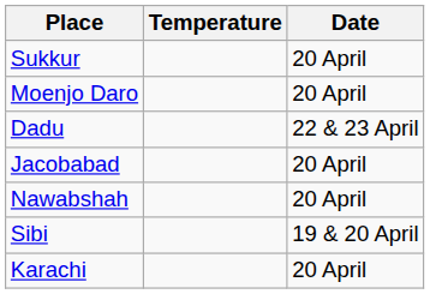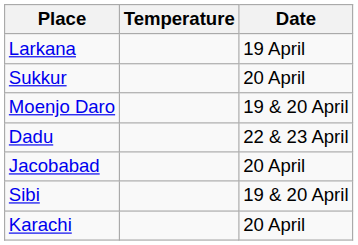 <table class="wikitable sortable">
 <tr>
 <th>Place</th>
 <th>Temperature</th>
 <th>Date</th>
+</tr>
+<tr>
+<td><a href='#'>Larkana</a></td>
+<td></td>
+<td>19 April</td>
 </tr>
 <tr>
 <td><a href='#'>Sukkur</a></td>
 <td></td>
 <td>20 April</td>
 </tr>
 <tr>
 <td><a href='#'>Moenjo Daro</a></td>
 <td></td>
-<td>20 April</td>
+<td>19 & 20 April</td>
 </tr>
 <tr>
 <td><a href='#'>Dadu</a></td>
 <td></td>
 <td>22 & 23 April</td>
 </tr>
 <tr>
 <td><a href='#'>Jacobabad</a></td>
-<td></td>
-<td>20 April</td>
-</tr>
-<tr>
-<td><a href='#'>Nawabshah</a></td>
 <td></td>
 <td>20 April</td>
 </tr>
 <tr>
 <td><a href='#'>Sibi</a></td>
 <td></td>
 <td>19 & 20 April</td>
 </tr>
 <tr>
 <td><a href='#'>Karachi</a></td>
 <td></td>
 <td>20 April</td>
 </tr>
 </table>
